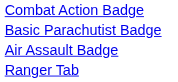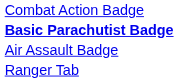 <table>
 <tr>
 <td> <a href='#'>Combat Action Badge</a></td>
 </tr>
 <tr>
-<td> <a href='#'>Basic Parachutist Badge</a></td>
+<td><strong> <a href='#'>Basic Parachutist Badge</a></strong></td>
 </tr>
 <tr>
 <td> <a href='#'>Air Assault Badge</a></td>
 </tr>
 <tr>
 <td> <a href='#'>Ranger Tab</a></td>
 </tr>
 </table>
